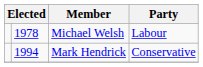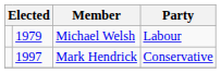 <table class="wikitable">
 <tr>
 <th colspan="2">Elected</th>
 <th>Member</th>
 <th>Party</th>
 </tr>
 <tr>
 <td style="background-color: "></td>
-<td><a href='#'>1978</a></td>
+<td><a href='#'>1979</a></td>
 <td><a href='#'>Michael Welsh</a></td>
 <td><a href='#'>Labour</a></td>
 </tr>
 <tr>
 <td style="background-color: "></td>
-<td><a href='#'>1994</a></td>
+<td><a href='#'>1997</a></td>
 <td><a href='#'>Mark Hendrick</a></td>
 <td><a href='#'>Conservative</a></td>
 </tr>
 <tr>
 </tr>
 </table>
